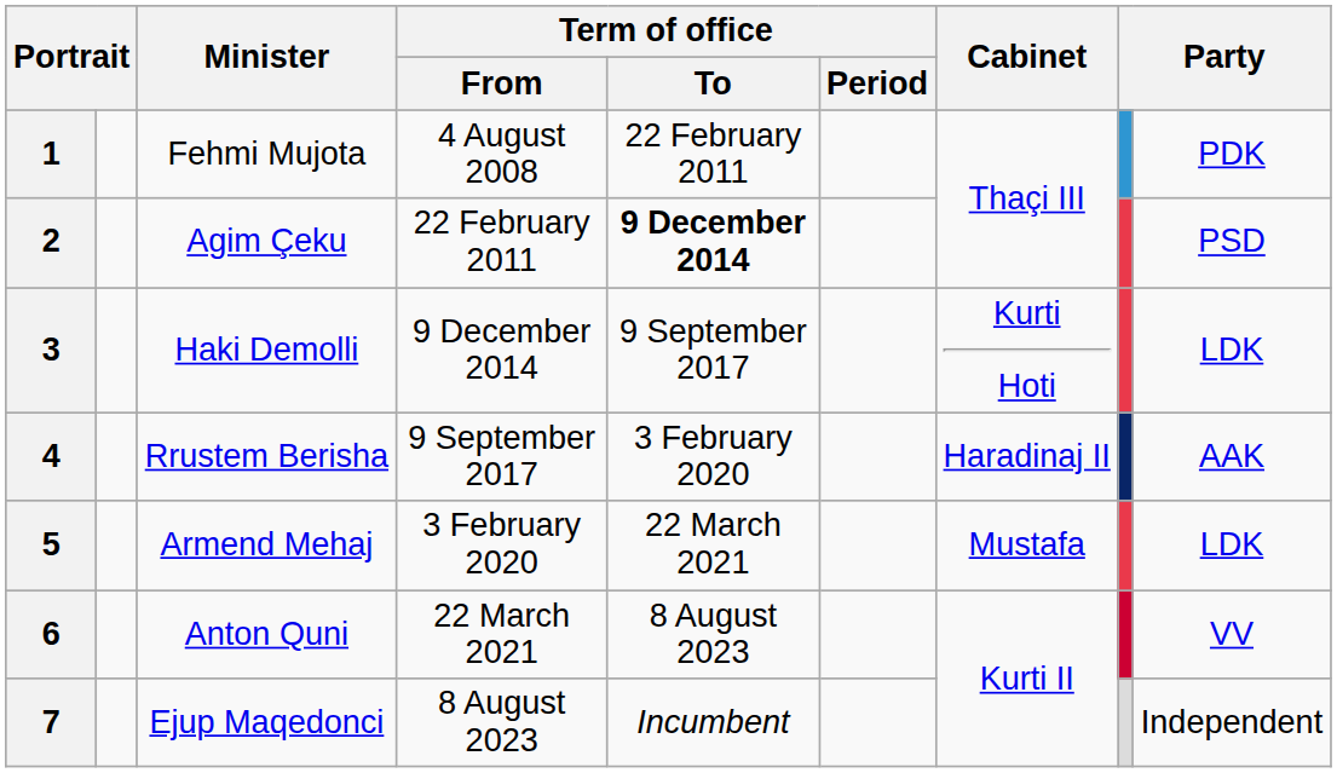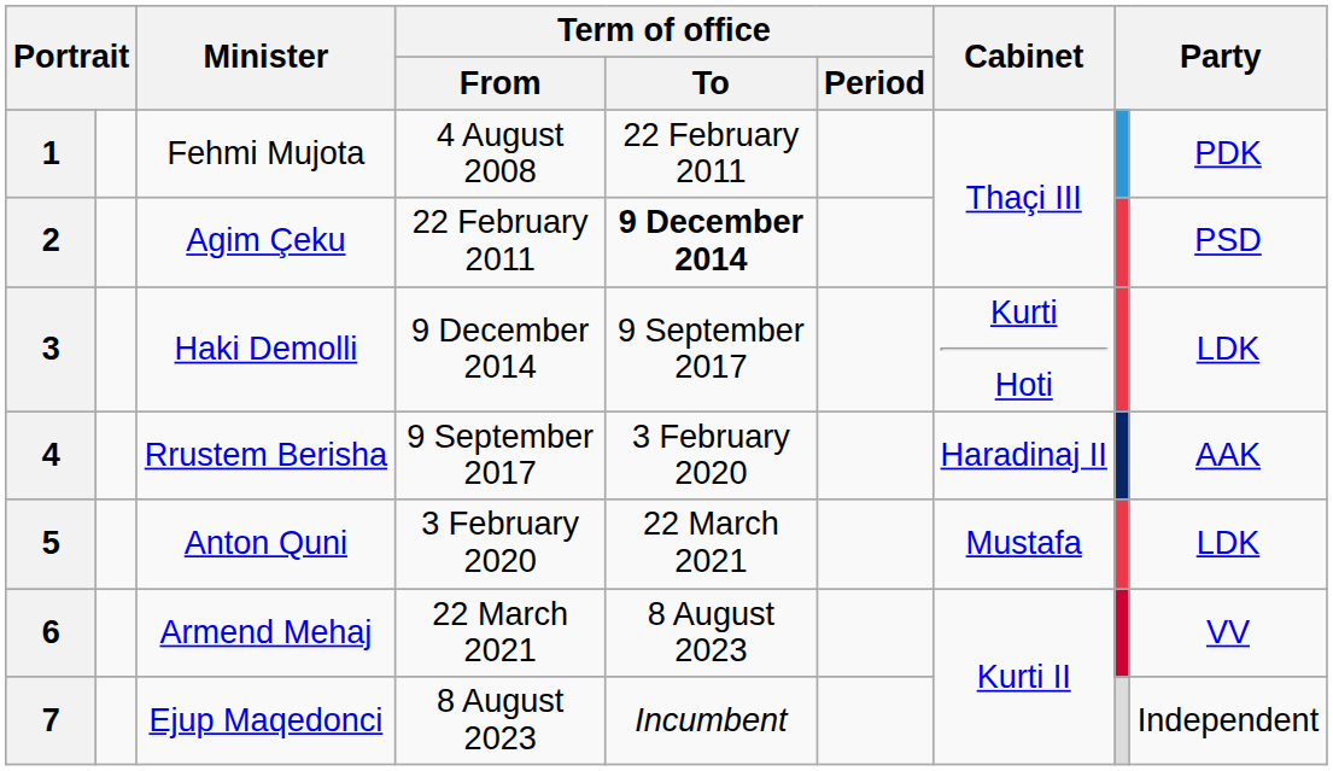 <table class="wikitable" style="text-align:center">
 <tr>
 <th rowspan="2" colspan="2">Portrait</th>
 <th rowspan="2">Minister</th>
 <th colspan="3">Term of office</th>
 <th rowspan="2" colspan="1">Cabinet</th>
 <th rowspan="2" colspan="2">Party</th>
 </tr>
 <tr>
 <th style="width:6em">From</th>
 <th style="width:6em">To</th>
 <th>Period</th>
 </tr>
 <tr>
 <th rowspan="1">1</th>
 <td></td>
 <td>Fehmi Mujota</td>
 <td>4 August 2008</td>
 <td>22 February 2011</td>
 <td></td>
 <td rowspan="2"><a href='#'>Thaçi III</a></td>
 <td style="background:#2e96d2"></td>
 <td><a href='#'>PDK</a></td>
 </tr>
 <tr>
 <th rowspan="1">2</th>
 <td></td>
 <td><a href='#'>Agim Çeku</a></td>
 <td>22 February 2011</td>
 <td><strong>9 December 2014</strong></td>
 <td></td>
 <td style="background:#EA394B"></td>
 <td><a href='#'>PSD</a></td>
 </tr>
 <tr>
 <th rowspan="1">3</th>
 <td></td>
 <td><a href='#'>Haki Demolli</a></td>
 <td>9 December 2014</td>
 <td>9 September 2017</td>
 <td></td>
 <td><a href='#'>Kurti</a><hr><a href='#'>Hoti</a></td>
 <td style="background:#EA394B"></td>
 <td><a href='#'>LDK</a></td>
 </tr>
 <tr>
 <th rowspan="1">4</th>
 <td></td>
 <td><a href='#'>Rrustem Berisha</a></td>
 <td>9 September 2017</td>
 <td>3 February 2020</td>
 <td></td>
 <td><a href='#'>Haradinaj II</a></td>
 <td style="background:#082567"></td>
 <td><a href='#'>AAK</a></td>
 </tr>
 <tr>
 <th rowspan="1">5</th>
 <td></td>
-<td><a href='#'>Armend Mehaj</a></td>
+<td><a href='#'>Anton Quni</a></td>
 <td>3 February 2020</td>
 <td>22 March 2021</td>
 <td></td>
 <td><a href='#'>Mustafa</a></td>
 <td style="background:#EA394B"></td>
 <td><a href='#'>LDK</a></td>
 </tr>
 <tr>
 <th rowspan="1">6</th>
 <td></td>
-<td><a href='#'>Anton Quni</a></td>
+<td><a href='#'>Armend Mehaj</a></td>
 <td>22 March 2021</td>
 <td>8 August 2023</td>
 <td></td>
 <td rowspan="2"><a href='#'>Kurti II</a></td>
 <td style="background:#CC0033"></td>
 <td><a href='#'>VV</a></td>
 </tr>
 <tr>
 <th rowspan="1">7</th>
 <td></td>
 <td><a href='#'>Ejup Maqedonci</a></td>
 <td>8 August 2023</td>
 <td><em>Incumbent</em></td>
 <td></td>
 <td style="background-color:#DCDCDC"></td>
 <td>Independent</td>
 </tr>
 </table>
